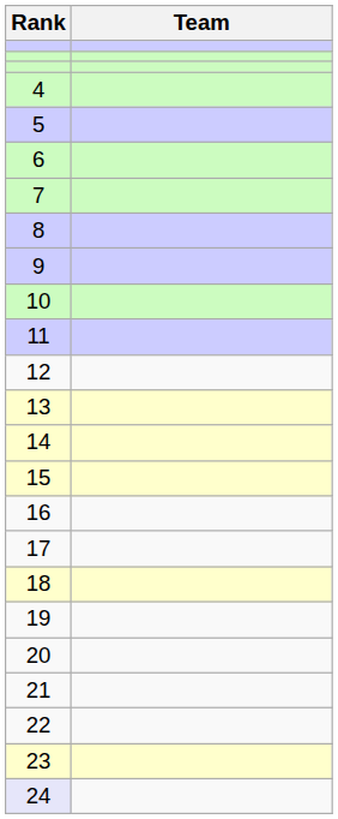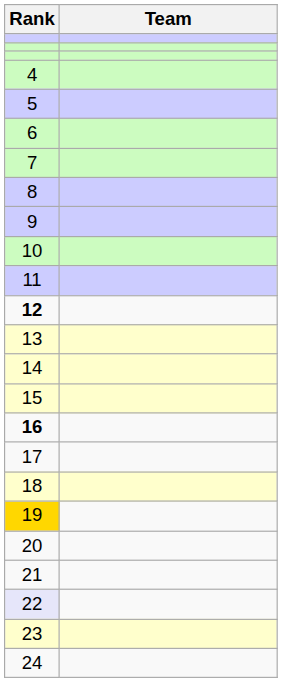 <table class="wikitable" style="text-align: center;">
 <tr>
 <th width=40>Rank</th>
 <th width=180>Team</th>
 </tr>
 <tr bgcolor=#ccccff>
 <td></td>
 <td align="left"></td>
 </tr>
 <tr bgcolor=#ccffccc>
 <td></td>
 <td align="left"></td>
 </tr>
 <tr bgcolor=#ccffccc>
 <td></td>
 <td align="left"></td>
 </tr>
 <tr bgcolor=#ccffccc>
 <td>4</td>
 <td align="left"></td>
 </tr>
 <tr bgcolor=#ccccff>
 <td>5</td>
 <td align="left"></td>
 </tr>
 <tr bgcolor=#ccffccc>
 <td>6</td>
 <td align="left"></td>
 </tr>
 <tr bgcolor=#ccffccc>
 <td>7</td>
 <td align="left"></td>
 </tr>
 <tr bgcolor=#ccccff>
 <td>8</td>
 <td align="left"></td>
 </tr>
 <tr bgcolor=#ccccff>
 <td>9</td>
 <td align="left"></td>
 </tr>
 <tr bgcolor=#ccffccc>
 <td>10</td>
 <td align="left"></td>
 </tr>
 <tr bgcolor=#ccccff>
 <td>11</td>
 <td align="left"></td>
 </tr>
 <tr>
-<td>12</td>
+<td><strong>12</strong></td>
 <td align="left"></td>
 </tr>
 <tr bgcolor=#ffffcc>
 <td>13</td>
 <td align="left"></td>
 </tr>
 <tr bgcolor=#ffffcc>
 <td>14</td>
 <td align="left"></td>
 </tr>
 <tr bgcolor=#ffffcc>
 <td>15</td>
 <td align="left"></td>
 </tr>
 <tr>
-<td>16</td>
+<td><strong>16</strong></td>
 <td align="left"></td>
 </tr>
 <tr>
 <td>17</td>
 <td align="left"></td>
 </tr>
 <tr bgcolor=#ffffcc>
 <td>18</td>
 <td align="left"></td>
 </tr>
 <tr>
-<td>19</td>
+<td style="background: gold;">19</td>
 <td align="left"></td>
 </tr>
 <tr>
 <td>20</td>
 <td align="left"></td>
 </tr>
 <tr>
 <td>21</td>
 <td align="left"></td>
 </tr>
 <tr>
-<td>22</td>
+<td style="background: lavender;">22</td>
 <td align="left"></td>
 </tr>
 <tr bgcolor=#ffffcc>
 <td>23</td>
 <td align="left"></td>
 </tr>
 <tr>
-<td style="background: lavender;">24</td>
+<td>24</td>
 <td align="left"></td>
 </tr>
 </table>
